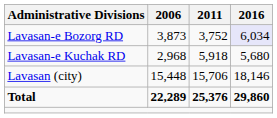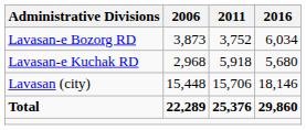 <table class="wikitable">
 <tr>
 <th>Administrative Divisions</th>
 <th>2006</th>
 <th>2011</th>
 <th>2016</th>
 </tr>
 <tr>
 <td><a href='#'>Lavasan-e Bozorg RD</a></td>
 <td style="text-align: right;">3,873</td>
 <td style="text-align: right;">3,752</td>
-<td style="background: lavender; text-align: right;">6,034</td>
+<td style="text-align: right;">6,034</td>
 </tr>
 <tr>
 <td><a href='#'>Lavasan-e Kuchak RD</a></td>
 <td style="text-align: right;">2,968</td>
 <td style="text-align: right;">5,918</td>
 <td style="text-align: right;">5,680</td>
 </tr>
 <tr>
 <td><a href='#'>Lavasan</a> (city)</td>
 <td style="text-align: right;">15,448</td>
 <td style="text-align: right;">15,706</td>
 <td style="text-align: right;">18,146</td>
 </tr>
 <tr>
 <td><strong>Total</strong></td>
 <td style="text-align: right;"><strong>22,289</strong></td>
 <td style="text-align: right;"><strong>25,376</strong></td>
 <td style="text-align: right;"><strong>29,860</strong></td>
 </tr>
 <tr>
 <td colspan=4></td>
 </tr>
 </table>
